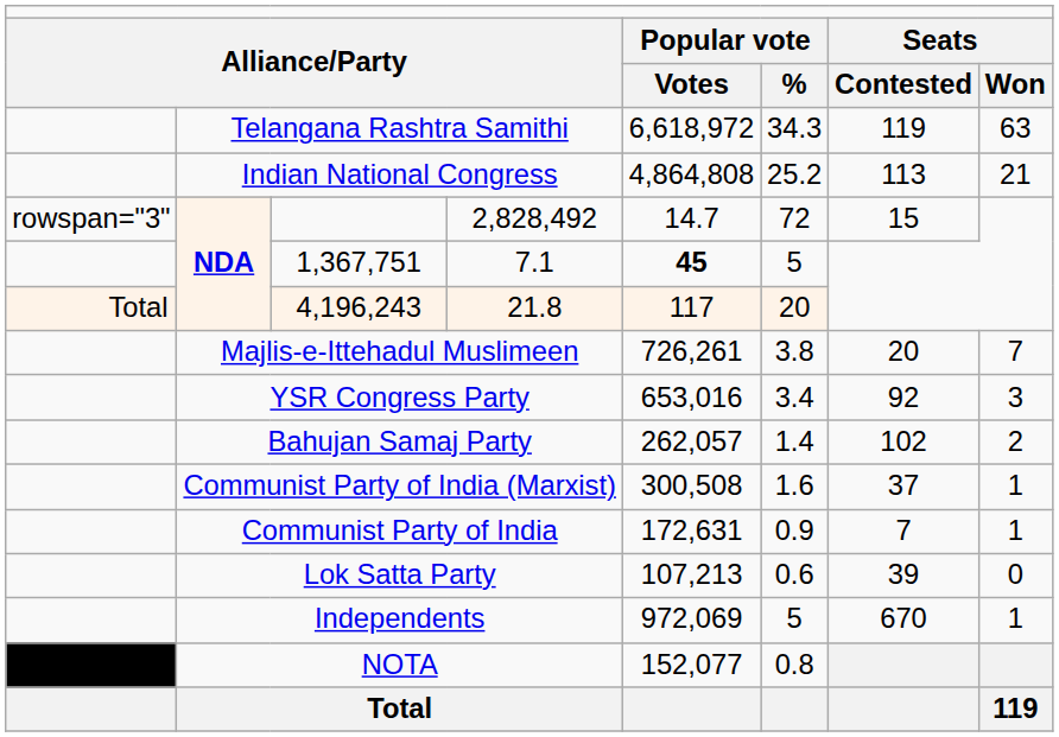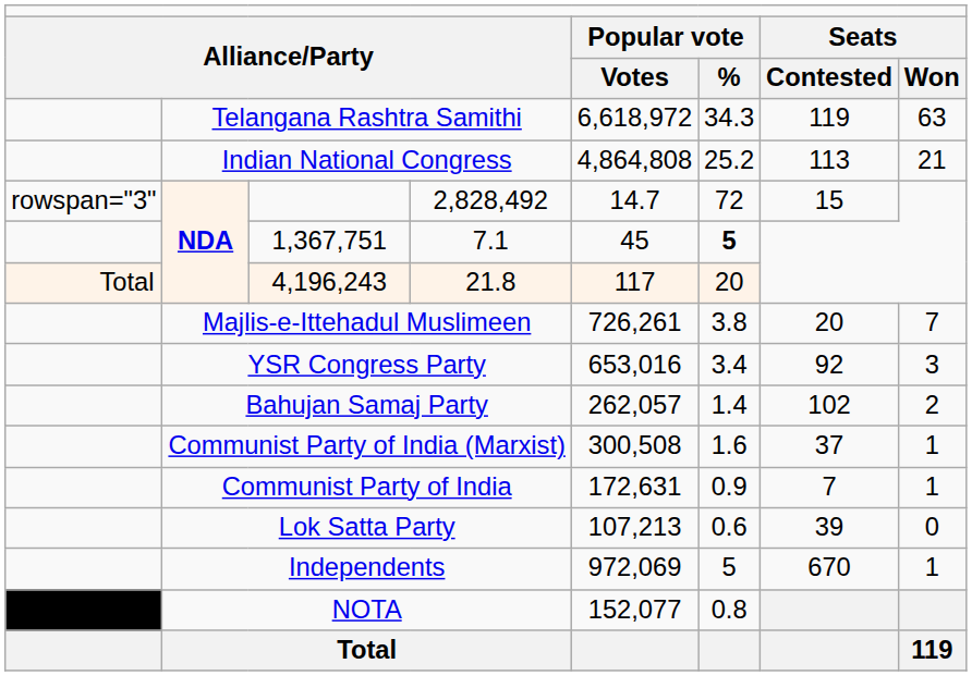 <table class="wikitable sortable" style="text-align:center;">
 <tr>
 <td colspan="8"></td>
 </tr>
 <tr>
 <th colspan="4" rowspan="2">Alliance/Party</th>
 <th colspan="2">Popular vote</th>
 <th colspan="2">Seats</th>
 </tr>
 <tr>
 <th>Votes</th>
 <th><strong> %</strong></th>
 <th>Contested</th>
 <th>Won</th>
 </tr>
 <tr>
 <td></td>
 <td colspan="3"><a href='#'>Telangana Rashtra Samithi</a></td>
 <td>6,618,972</td>
 <td>34.3</td>
 <td>119</td>
 <td style="text-align: center;">63</td>
 </tr>
 <tr>
 <td></td>
 <td colspan="3"><a href='#'>Indian National Congress</a></td>
 <td>4,864,808</td>
 <td>25.2</td>
 <td>113</td>
 <td>21</td>
 </tr>
 <tr>
 <td>rowspan="3" </td>
 <th rowspan="3" style="background:#fef3e8"><a href='#'>NDA</a></th>
 <td></td>
 <td>2,828,492</td>
 <td>14.7</td>
 <td>72</td>
 <td>15</td>
 </tr>
 <tr>
 <td></td>
 <td>1,367,751</td>
 <td>7.1</td>
-<td><strong>45</strong></td>
-<td>5</td>
+<td>45</td>
+<td><strong>5</strong></td>
 </tr>
 <tr>
 <td colspan="2" style="background:#fef3e8">Total</td>
 <td style="background:#fef3e8">4,196,243</td>
 <td style="background:#fef3e8">21.8</td>
 <td style="background:#fef3e8">117</td>
 <td style="background:#fef3e8">20</td>
 </tr>
 <tr>
 <td></td>
 <td colspan="3"><a href='#'>Majlis-e-Ittehadul Muslimeen</a></td>
 <td>726,261</td>
 <td>3.8</td>
 <td>20</td>
 <td>7</td>
 </tr>
 <tr>
 <td></td>
 <td colspan="3"><a href='#'>YSR Congress Party</a></td>
 <td>653,016</td>
 <td>3.4</td>
 <td>92</td>
 <td>3</td>
 </tr>
 <tr>
 <td></td>
 <td colspan="3"><a href='#'>Bahujan Samaj Party</a></td>
 <td>262,057</td>
 <td>1.4</td>
 <td>102</td>
 <td>2</td>
 </tr>
 <tr>
 <td></td>
 <td colspan="3"><a href='#'>Communist Party of India (Marxist)</a></td>
 <td>300,508</td>
 <td>1.6</td>
 <td>37</td>
 <td>1</td>
 </tr>
 <tr>
 <td></td>
 <td colspan="3"><a href='#'>Communist Party of India</a></td>
 <td>172,631</td>
 <td>0.9</td>
 <td>7</td>
 <td>1</td>
 </tr>
 <tr>
 <td></td>
 <td colspan="3"><a href='#'>Lok Satta Party</a></td>
 <td>107,213</td>
 <td>0.6</td>
 <td>39</td>
 <td>0</td>
 </tr>
 <tr>
 <td></td>
 <td colspan="3"><a href='#'>Independents</a></td>
 <td>972,069</td>
 <td>5</td>
 <td>670</td>
 <td>1</td>
 </tr>
 <tr>
 <td bgcolor="black"></td>
 <td colspan="3"><a href='#'>NOTA</a></td>
 <td>152,077</td>
 <td>0.8</td>
 <th colspan="1"></th>
 <th></th>
 </tr>
 <tr>
 <th></th>
 <th colspan="3">Total</th>
 <th></th>
 <th></th>
 <th></th>
 <th>119</th>
 </tr>
 </table>
